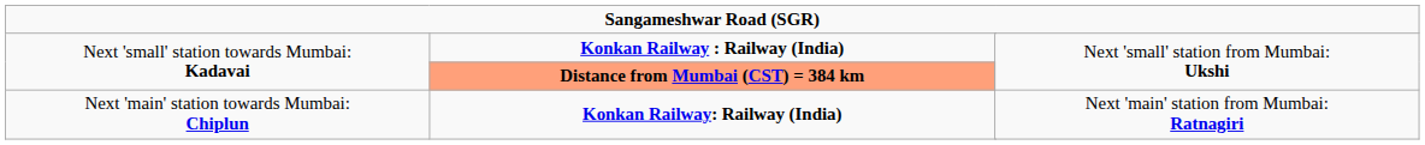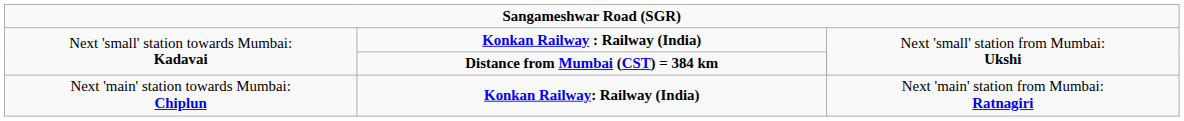 <table class="wikitable" style="text-align:center; width:100%;">
 <tr>
 <td colspan="4"><strong>Sangameshwar Road (SGR)</strong></td>
 </tr>
 <tr>
 <td style="width:30%;" rowspan="2">Next 'small' station towards Mumbai:<br><strong>Kadavai</strong></td>
 <td style="width:40%;" colspan="2"><strong><a href='#'>Konkan Railway</a> : Railway (India)</strong></td>
 <td style="width:30%;" rowspan="2">Next 'small' station from Mumbai:<br><strong>Ukshi</strong></td>
 </tr>
 <tr>
-<td style="background: lightsalmon;"><strong>Distance from <a href='#'>Mumbai</a> (<a href='#'>CST</a>) = 384 km</strong></td>
+<td><strong>Distance from <a href='#'>Mumbai</a> (<a href='#'>CST</a>) = 384 km</strong></td>
 </tr>
 <tr>
 <td style="width:30%;" rowspan="2">Next 'main' station towards Mumbai:<br><strong><a href='#'>Chiplun</a></strong></td>
 <td style="width:40%;" colspan="2"><strong><a href='#'>Konkan Railway</a>: Railway (India)</strong></td>
 <td style="width:30%;" rowspan="2">Next 'main' station from Mumbai:<br><strong><a href='#'>Ratnagiri</a></strong></td>
 </tr>
 </table>
